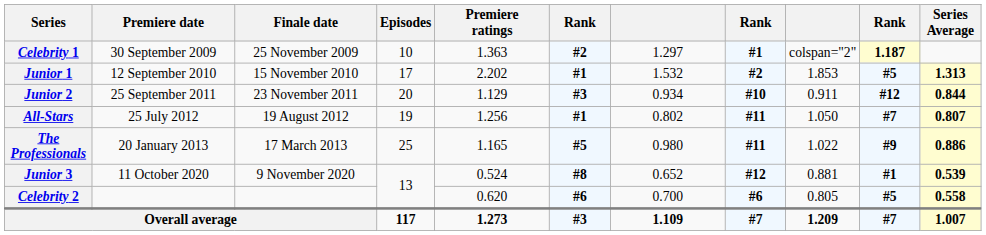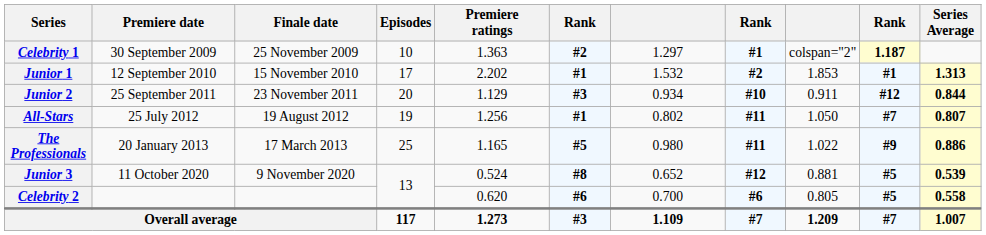 <table class="wikitable plainrowheaders" style="text-align:center;">
 <tr style="background:#DCDCDC;">
 <th scope="col" style="width:6em;">Series</th>
 <th scope="col" style="width:10em;">Premiere date</th>
 <th scope="col" style="width:10em;">Finale date</th>
 <th scope="col">Episodes</th>
 <th scope="col" style="width:8em;">Premiere<br>ratings</th>
 <th scope="col" style="width:4em;">Rank</th>
 <th scope="col" style="width:8em;"><strong></strong><br><em><small></small></em></th>
 <th scope="col" style="width:4em;">Rank</th>
 <th scope="col"><strong></strong><br><em><small></small></em></th>
 <th scope="col" style="width:4em;">Rank</th>
 <th scope="col" style="width:4em;">Series Average</th>
 </tr>
 <tr>
 <th scope="row" style="text-align:center;"><a href='#'><em>Celebrity</em> 1</a></th>
 <td>30 September 2009</td>
 <td>25 November 2009</td>
 <td>10</td>
 <td>1.363</td>
 <td style="background:#F0F8FF"><strong>#2</strong></td>
 <td>1.297</td>
 <td style="background:#F0F8FF"><strong>#1</strong></td>
 <td>colspan="2" </td>
 <th style="background:#FFFDD0">1.187</th>
 </tr>
 <tr>
 <th scope="row" style="text-align:center;"><a href='#'><em>Junior</em> 1</a></th>
 <td>12 September 2010</td>
 <td>15 November 2010</td>
 <td>17</td>
 <td>2.202</td>
 <td style="background:#F0F8FF"><strong>#1</strong></td>
 <td>1.532</td>
 <td style="background:#F0F8FF"><strong>#2</strong></td>
 <td>1.853</td>
-<td style="background:#F0F8FF"><strong>#5</strong></td>
+<td style="background:#F0F8FF"><strong>#1</strong></td>
 <th style="background:#FFFDD0">1.313</th>
 </tr>
 <tr>
 <th scope="row" style="text-align:center;"><a href='#'><em>Junior</em> 2</a></th>
 <td>25 September 2011</td>
 <td>23 November 2011</td>
 <td>20</td>
 <td>1.129</td>
 <td style="background:#F0F8FF"><strong>#3</strong></td>
 <td>0.934</td>
 <td style="background:#F0F8FF"><strong>#10</strong></td>
 <td>0.911</td>
 <td style="background:#F0F8FF"><strong>#12</strong></td>
 <th style="background:#FFFDD0">0.844</th>
 </tr>
 <tr>
 <th scope="row" style="text-align:center;"><a href='#'><em>All-Stars</em></a></th>
 <td>25 July 2012</td>
 <td>19 August 2012</td>
 <td>19</td>
 <td>1.256</td>
 <td style="background:#F0F8FF"><strong>#1</strong></td>
 <td>0.802</td>
 <td style="background:#F0F8FF"><strong>#11</strong></td>
 <td>1.050</td>
 <td style="background:#F0F8FF"><strong>#7</strong></td>
 <th style="background:#FFFDD0">0.807</th>
 </tr>
 <tr>
 <th scope="row" style="text-align:center;"><a href='#'><em>The Professionals</em></a></th>
 <td>20 January 2013</td>
 <td>17 March 2013</td>
 <td>25</td>
 <td>1.165</td>
 <td style="background:#F0F8FF"><strong>#5</strong></td>
 <td>0.980</td>
 <td style="background:#F0F8FF"><strong>#11</strong></td>
 <td>1.022</td>
 <td style="background:#F0F8FF"><strong>#9</strong></td>
 <th style="background:#FFFDD0">0.886</th>
 </tr>
 <tr>
 <th scope="row" style="text-align:center;"><a href='#'><em>Junior</em> 3</a></th>
 <td>11 October 2020</td>
 <td>9 November 2020</td>
 <td rowspan="2">13</td>
 <td>0.524</td>
 <td style="background:#F0F8FF"><strong>#8</strong></td>
 <td>0.652</td>
 <td style="background:#F0F8FF"><strong>#12</strong></td>
 <td>0.881</td>
-<td style="background:#F0F8FF"><strong>#1</strong></td>
+<td style="background:#F0F8FF"><strong>#5</strong></td>
 <th style="background:#FFFDD0">0.539</th>
 </tr>
 <tr>
 <th scope="row" style="text-align:center;"><a href='#'><em>Celebrity</em> 2</a></th>
 <td></td>
 <td></td>
 <td>0.620</td>
 <td style="background:#F0F8FF"><strong>#6</strong></td>
 <td>0.700</td>
 <td style="background:#F0F8FF"><strong>#6</strong></td>
 <td>0.805</td>
 <td style="background:#F0F8FF"><strong>#5</strong></td>
 <th style="background:#FFFDD0">0.558</th>
 </tr>
 <tr style="border-top:3px solid gray; font-weight:bold;">
 <th colspan="3">Overall average</th>
 <td>117</td>
 <td>1.273</td>
 <td style="background:#F0F8FF">#3</td>
 <td>1.109</td>
 <td style="background:#F0F8FF">#7</td>
 <td>1.209</td>
 <td style="background:#F0F8FF">#7</td>
 <td style="background:#FFFDD0">1.007</td>
 </tr>
 </table>
